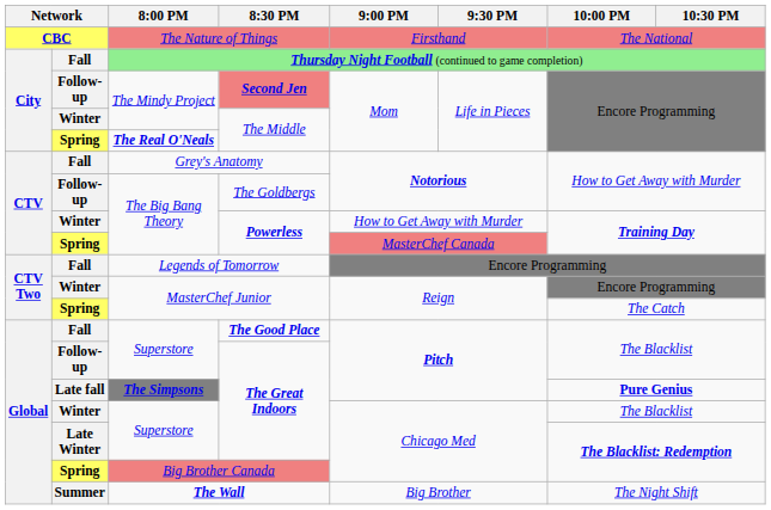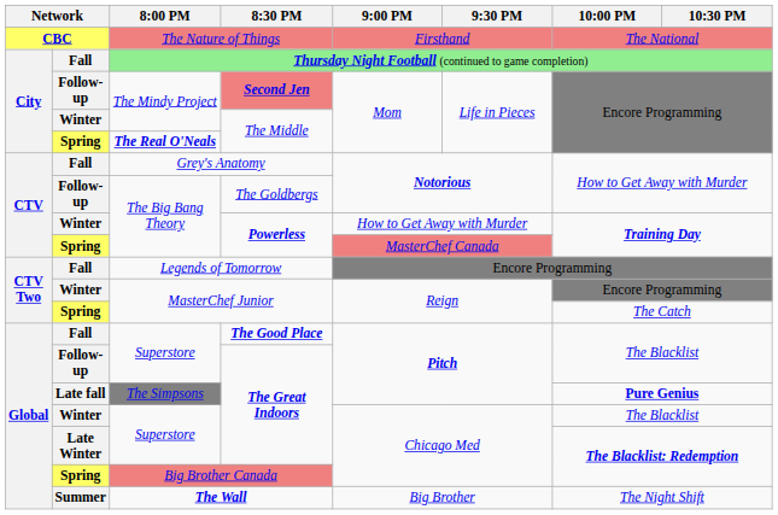 <table class="wikitable" style="width:100%;margin-right:0;text-align:center">
 <tr>
 <th colspan="2" style="width:10%;">Network</th>
 <th style="width:15%;">8:00 PM</th>
 <th style="width:15%;">8:30 PM</th>
 <th style="width:15%;">9:00 PM</th>
 <th style="width:15%;">9:30 PM</th>
 <th style="width:15%;">10:00 PM</th>
 <th style="width:15%;">10:30 PM</th>
 </tr>
 <tr>
 <th colspan="2" style="background:#ff6;"><a href='#'>CBC</a></th>
 <td colspan="2" style="background:#f08080;"><em><a href='#'>The Nature of Things</a></em></td>
 <td colspan="2" style="background:#f08080;"><em><a href='#'>Firsthand</a></em></td>
 <td colspan="2" style="background:#f08080;"><em><a href='#'>The National</a></em></td>
 </tr>
 <tr>
 <th rowspan="4"><a href='#'>City</a></th>
 <th>Fall</th>
 <td colspan="6" style="background:lightgreen;"><strong><em><a href='#'>Thursday Night Football</a></em></strong> <small>(continued to game completion)</small></td>
 </tr>
 <tr>
 <th>Follow-up</th>
 <td rowspan="2"><em><a href='#'>The Mindy Project</a></em></td>
 <td style="background:#f08080;"><strong><em><a href='#'>Second Jen</a></em></strong></td>
 <td rowspan="3"><em><a href='#'>Mom</a></em></td>
 <td rowspan="3"><em><a href='#'>Life in Pieces</a></em></td>
 <td rowspan="3" colspan="2" style="background:gray;">Encore Programming</td>
 </tr>
 <tr>
 <th>Winter</th>
 <td rowspan="2"><em><a href='#'>The Middle</a></em></td>
 </tr>
 <tr>
 <th style="background:#ff6;">Spring</th>
 <td><strong><em><a href='#'>The Real O'Neals</a></em></strong></td>
 </tr>
 <tr>
 <th rowspan="4"><a href='#'>CTV</a></th>
 <th>Fall</th>
 <td colspan="2"><em><a href='#'>Grey's Anatomy</a></em></td>
 <td rowspan="2" colspan="2"><strong><em><a href='#'>Notorious</a></em></strong></td>
 <td rowspan="2" colspan="2"><em><a href='#'>How to Get Away with Murder</a></em></td>
 </tr>
 <tr>
 <th>Follow-up</th>
 <td rowspan="3" colspan="1"><em><a href='#'>The Big Bang Theory</a></em></td>
 <td colspan="1"><em><a href='#'>The Goldbergs</a></em></td>
 </tr>
 <tr>
 <th>Winter</th>
 <td rowspan="2"><strong><em><a href='#'>Powerless</a></em></strong></td>
 <td colspan="2"><em><a href='#'>How to Get Away with Murder</a></em></td>
 <td rowspan="2" colspan="2"><strong><em><a href='#'>Training Day</a></em></strong></td>
 </tr>
 <tr>
 <th style="background:#ff6;">Spring</th>
 <td colspan="2" style="background:#f08080;"><em><a href='#'>MasterChef Canada</a></em></td>
 </tr>
 <tr>
 <th rowspan="3"><a href='#'>CTV Two</a></th>
 <th>Fall</th>
 <td colspan="2"><em><a href='#'>Legends of Tomorrow</a></em></td>
 <td colspan="4" style="background:gray;">Encore Programming</td>
 </tr>
 <tr>
 <th>Winter</th>
 <td rowspan="2" colspan="2"><em><a href='#'>MasterChef Junior</a></em></td>
 <td rowspan="2" colspan="2"><em><a href='#'>Reign</a></em></td>
 <td colspan="2" style="background:gray;">Encore Programming</td>
 </tr>
 <tr>
 <th style="background:#ff6;">Spring</th>
 <td colspan="2"><em><a href='#'>The Catch</a></em></td>
 </tr>
 <tr>
 <th rowspan="7"><a href='#'>Global</a></th>
 <th>Fall</th>
 <td rowspan="2"><em><a href='#'>Superstore</a></em></td>
 <td><strong><em><a href='#'>The Good Place</a></em></strong></td>
 <td rowspan="3" colspan="2"><strong><em><a href='#'>Pitch</a></em></strong></td>
 <td rowspan="2" colspan="2"><em><a href='#'>The Blacklist</a></em></td>
 </tr>
 <tr>
 <th>Follow-up</th>
 <td rowspan="4"><strong><em><a href='#'>The Great Indoors</a></em></strong></td>
 </tr>
 <tr>
 <th>Late fall</th>
-<td style="background:gray;"><strong><em><a href='#'>The Simpsons</a></em></strong></td>
+<td style="background:gray;"><em><a href='#'>The Simpsons</a></em></td>
 <td colspan="2"><strong><a href='#'>Pure Genius</a></strong></td>
 </tr>
 <tr>
 <th>Winter</th>
 <td rowspan="2"><em><a href='#'>Superstore</a></em></td>
 <td rowspan="3" colspan="2"><em><a href='#'>Chicago Med</a></em></td>
 <td colspan="2"><em><a href='#'>The Blacklist</a></em></td>
 </tr>
 <tr>
 <th>Late Winter</th>
 <td rowspan="2" colspan="2"><strong><em><a href='#'>The Blacklist: Redemption</a></em></strong> </td>
 </tr>
 <tr>
 <th style="background:#ff6;">Spring</th>
 <td colspan="2" style="background:#f08080;"><em><a href='#'>Big Brother Canada</a></em></td>
 </tr>
 <tr>
 <th>Summer</th>
 <td colspan="2"><strong><em><a href='#'>The Wall</a></em></strong></td>
 <td colspan="2"><em><a href='#'>Big Brother</a></em></td>
 <td colspan="2"><em><a href='#'>The Night Shift</a></em></td>
 </tr>
 </table>
